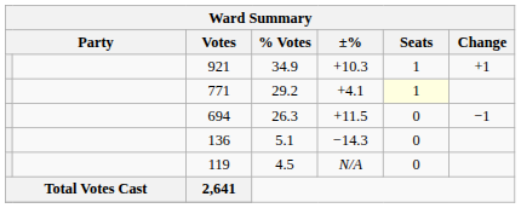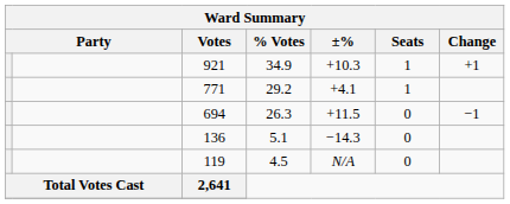 <table class="wikitable" style="font-size: 95%;">
 <tr>
 <th colspan="7">Ward Summary</th>
 </tr>
 <tr>
 <th colspan="2">Party</th>
 <th style="width: 60px">Votes</th>
 <th style="width: 60px">% Votes</th>
 <th style="width: 60px">±%</th>
 <th style="width: 60px">Seats</th>
 <th style="width: 60px">Change</th>
 </tr>
 <tr>
 <th style="background-color: "></th>
 <td style="width: 170px"><a href='#'></a></td>
 <td align="center">921</td>
 <td align="center">34.9</td>
 <td align="center">+10.3</td>
 <td align="center">1</td>
 <td align="center">+1</td>
 </tr>
 <tr>
 <th style="background-color: "></th>
 <td style="width: 170px"><a href='#'></a></td>
 <td align="center">771</td>
 <td align="center">29.2</td>
 <td align="center">+4.1</td>
-<td align="center" style="background: lightyellow;">1</td>
+<td align="center">1</td>
 <td align="center"></td>
 </tr>
 <tr>
 <th style="background-color: "></th>
 <td style="width: 170px"><a href='#'></a></td>
 <td align="center">694</td>
 <td align="center">26.3</td>
 <td align="center">+11.5</td>
 <td align="center">0</td>
 <td align="center">−1</td>
 </tr>
 <tr>
 <th style="background-color: "></th>
 <td style="width: 170px"><a href='#'></a></td>
 <td align="center">136</td>
 <td align="center">5.1</td>
 <td align="center">−14.3</td>
 <td align="center">0</td>
 <td align="center"></td>
 </tr>
 <tr>
 <th style="background-color: "></th>
 <td style="width: 170px"><a href='#'></a></td>
 <td align="center">119</td>
 <td align="center">4.5</td>
 <td align="center"><em>N/A</em></td>
 <td align="center">0</td>
 <td align="center"></td>
 </tr>
 <tr style="background-color:#E9E9E9">
 <th colspan="2">Total Votes Cast</th>
 <th style="width: 60px">2,641</th>
 </tr>
 <tr style="background-color:#E9E9E9">
 </tr>
 </table>
